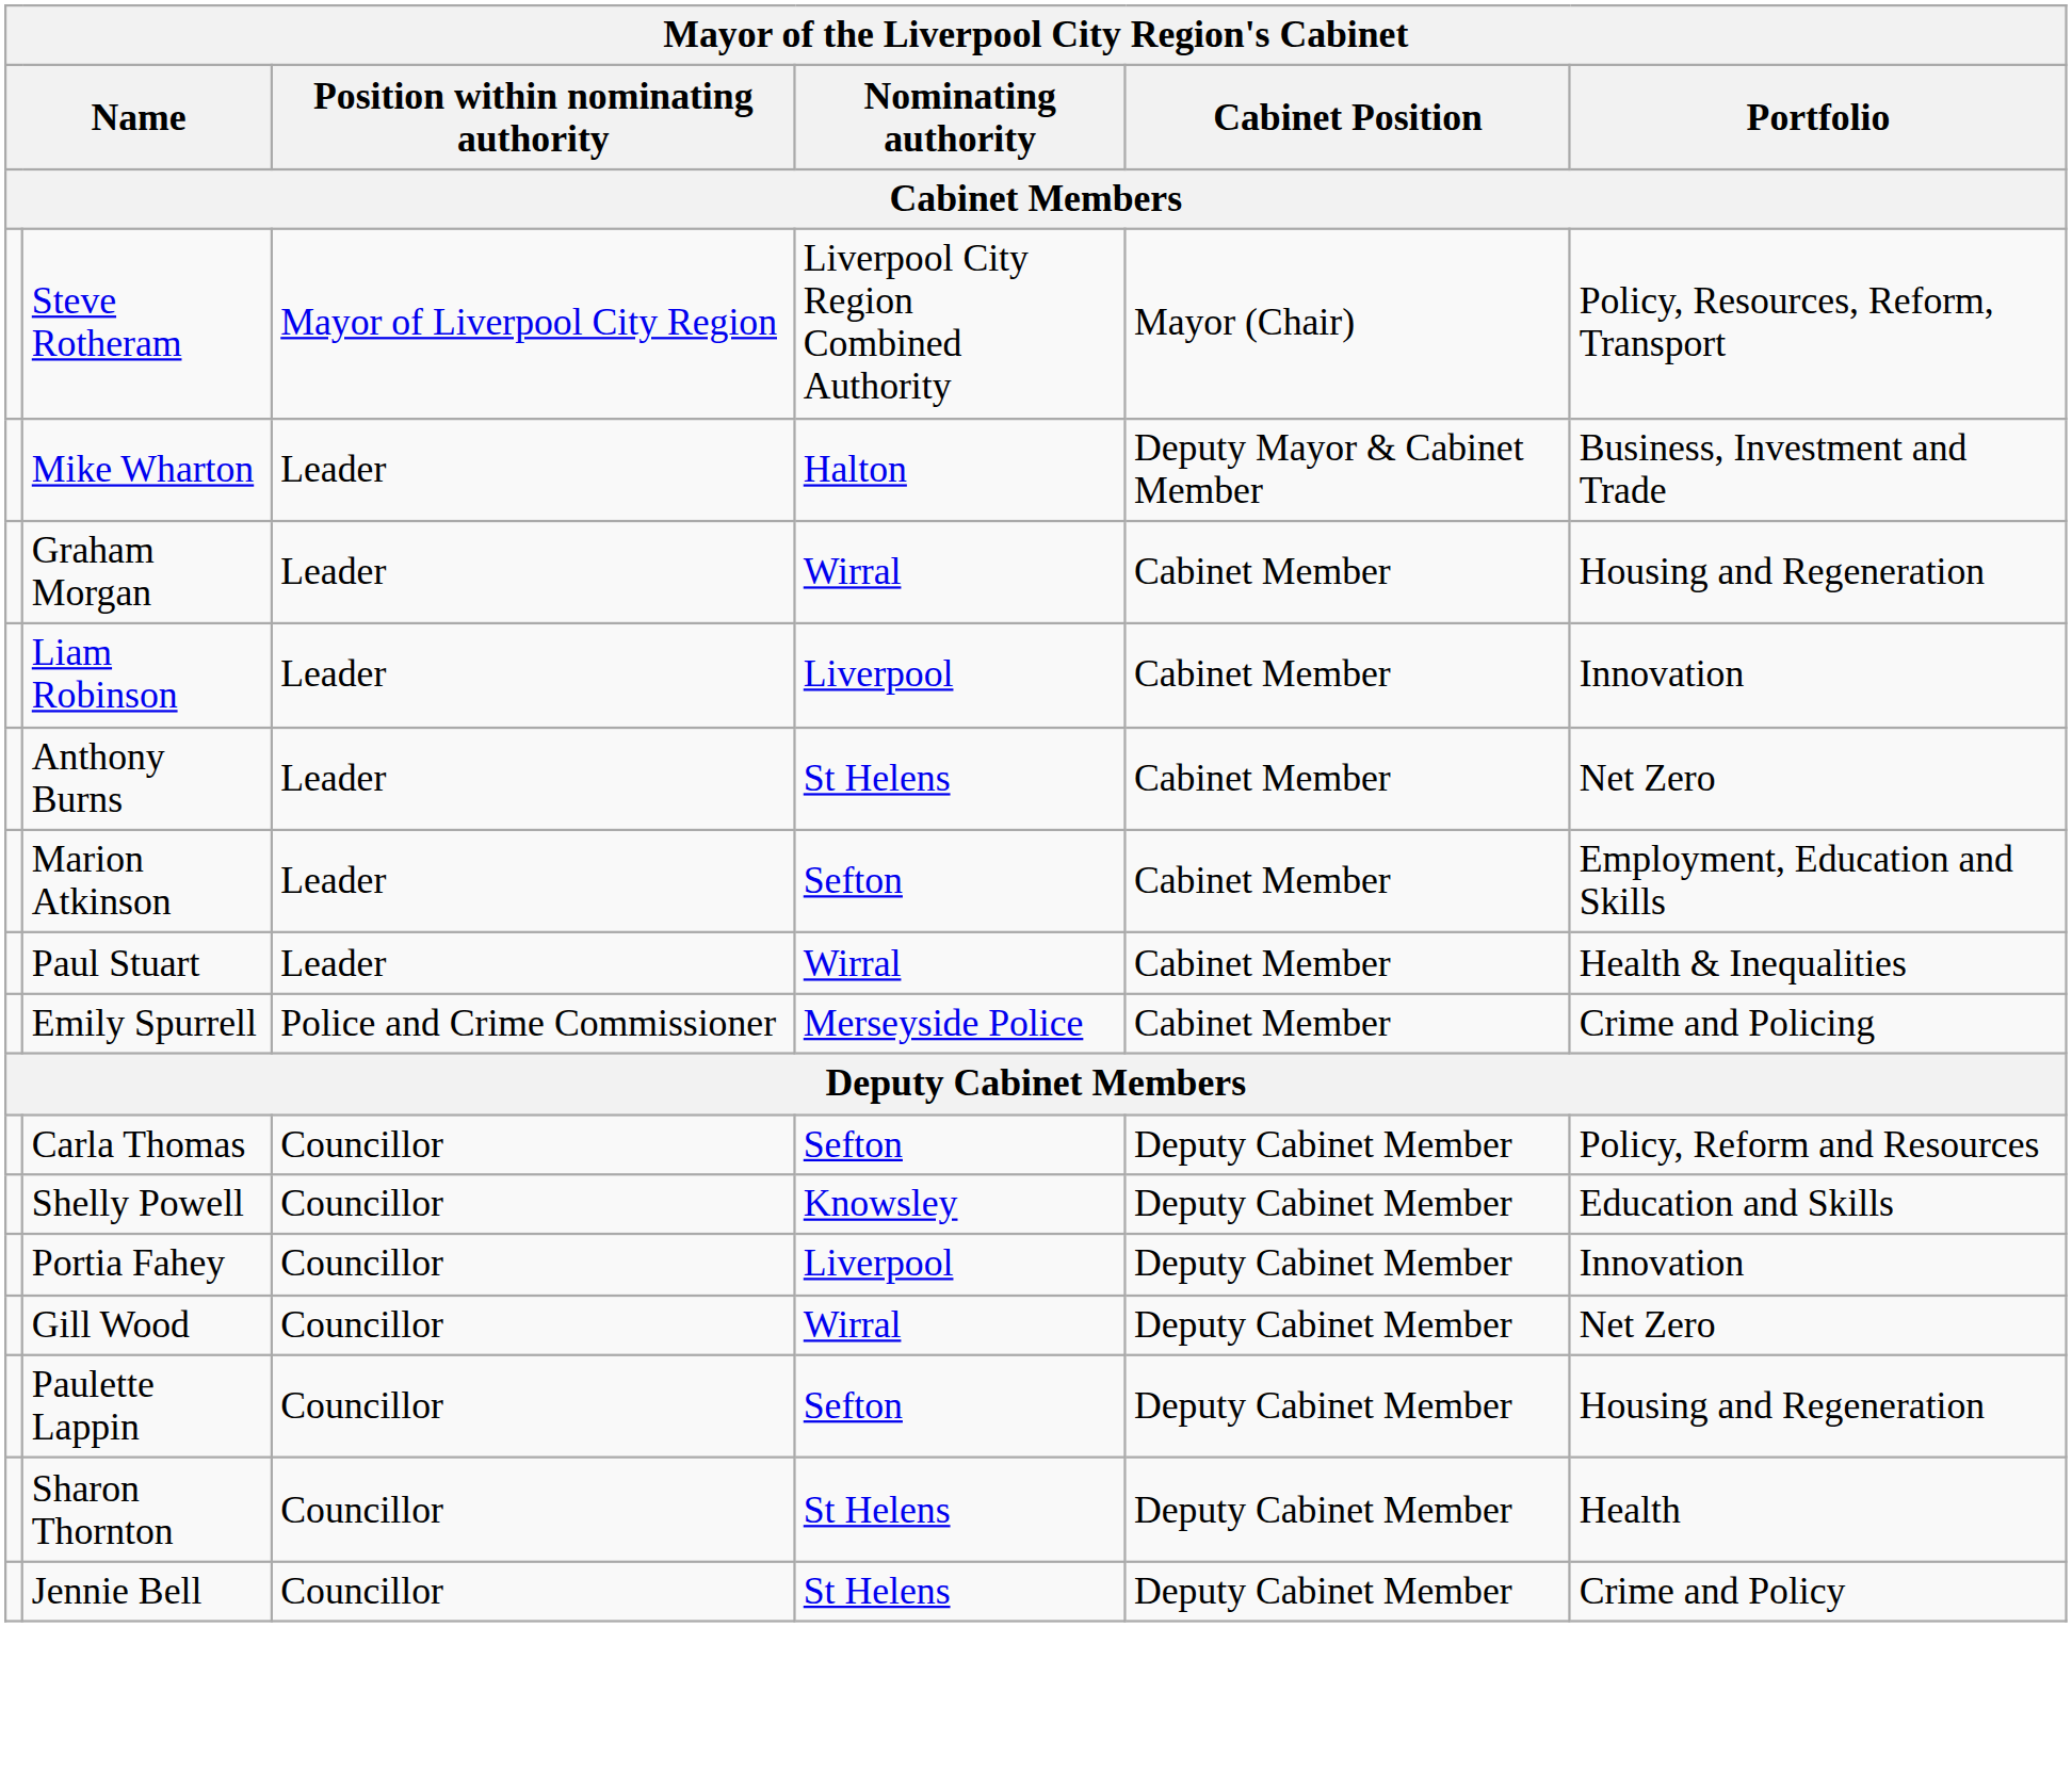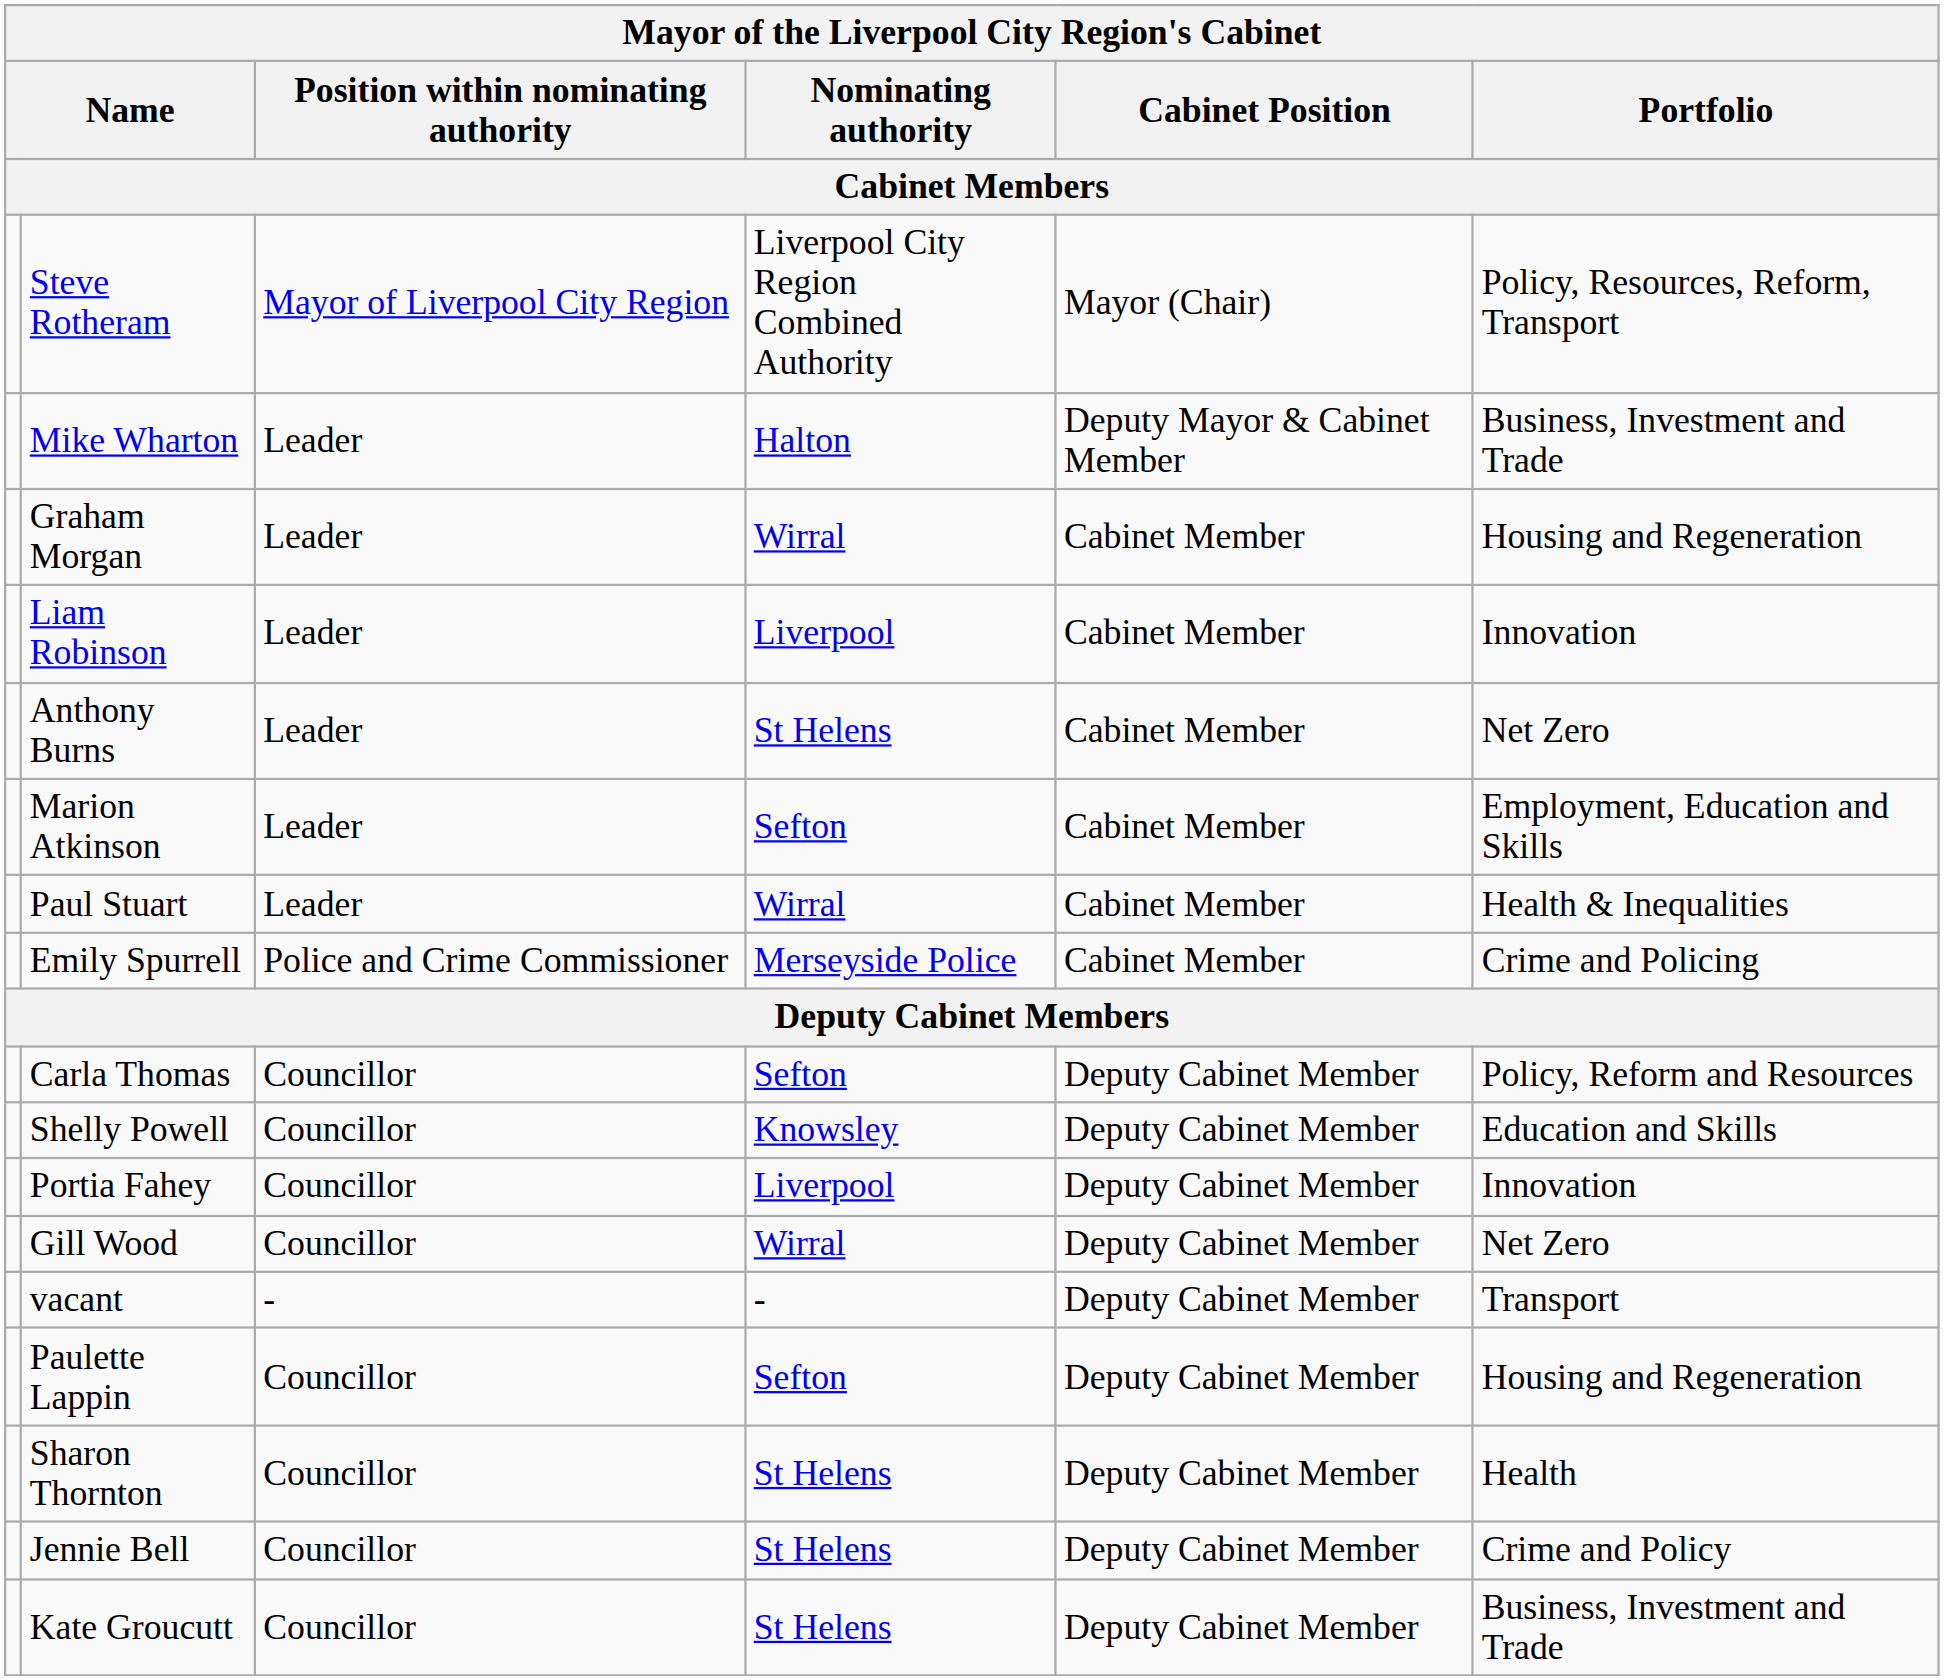 <table class="wikitable sortable">
 <tr>
 <th colspan="6">Mayor of the Liverpool City Region's Cabinet</th>
 </tr>
 <tr>
 <th colspan="2">Name</th>
 <th>Position within nominating authority</th>
 <th>Nominating authority</th>
 <th>Cabinet Position</th>
 <th>Portfolio</th>
 </tr>
 <tr>
 <th colspan="6">Cabinet Members</th>
 </tr>
 <tr>
 <td style="background:"></td>
 <td><a href='#'>Steve Rotheram</a></td>
 <td><a href='#'>Mayor of Liverpool City Region</a></td>
 <td>Liverpool City Region<br>Combined Authority</td>
 <td>Mayor (Chair)</td>
 <td>Policy, Resources, Reform, Transport</td>
 </tr>
 <tr>
 <td style="background:"></td>
 <td><a href='#'>Mike Wharton</a></td>
 <td>Leader</td>
 <td><a href='#'>Halton</a></td>
 <td>Deputy Mayor & Cabinet Member</td>
 <td>Business, Investment and Trade</td>
 </tr>
 <tr>
 <td style="background:"></td>
 <td>Graham Morgan</td>
 <td>Leader</td>
 <td><a href='#'>Wirral</a></td>
 <td>Cabinet Member</td>
 <td>Housing and Regeneration</td>
 </tr>
 <tr>
 <td style="background:"></td>
 <td><a href='#'>Liam Robinson</a></td>
 <td>Leader</td>
 <td><a href='#'>Liverpool</a></td>
 <td>Cabinet Member</td>
 <td>Innovation</td>
 </tr>
 <tr>
 <td style="background:"></td>
 <td>Anthony Burns</td>
 <td>Leader</td>
 <td><a href='#'>St Helens</a></td>
 <td>Cabinet Member</td>
 <td>Net Zero</td>
 </tr>
 <tr>
 <td style="background:"></td>
 <td>Marion Atkinson</td>
 <td>Leader</td>
 <td><a href='#'>Sefton</a></td>
 <td>Cabinet Member</td>
 <td>Employment, Education and Skills</td>
 </tr>
 <tr>
 <td style="background:"></td>
 <td>Paul Stuart</td>
 <td>Leader</td>
 <td><a href='#'>Wirral</a></td>
 <td>Cabinet Member</td>
 <td>Health & Inequalities</td>
 </tr>
 <tr>
 <td style="background:"></td>
 <td>Emily Spurrell</td>
 <td>Police and Crime Commissioner</td>
 <td><a href='#'>Merseyside Police</a></td>
 <td>Cabinet Member</td>
 <td>Crime and Policing</td>
 </tr>
 <tr>
 <th colspan="6">Deputy Cabinet Members</th>
 </tr>
 <tr>
 <td style="background:"></td>
 <td>Carla Thomas</td>
 <td>Councillor</td>
 <td><a href='#'>Sefton</a></td>
 <td>Deputy Cabinet Member</td>
 <td>Policy, Reform and Resources</td>
 </tr>
 <tr>
 <td style="background:"></td>
 <td>Shelly Powell</td>
 <td>Councillor</td>
 <td><a href='#'>Knowsley</a></td>
 <td>Deputy Cabinet Member</td>
 <td>Education and Skills</td>
 </tr>
 <tr>
 <td style="background:"></td>
 <td>Portia Fahey</td>
 <td>Councillor</td>
 <td><a href='#'>Liverpool</a></td>
 <td>Deputy Cabinet Member</td>
 <td>Innovation</td>
 </tr>
 <tr>
 <td style="background:"></td>
 <td>Gill Wood</td>
 <td>Councillor</td>
 <td><a href='#'>Wirral</a></td>
 <td>Deputy Cabinet Member</td>
 <td>Net Zero</td>
 </tr>
 <tr>
 <td style="background:"></td>
+<td>vacant</td>
+<td>-</td>
+<td>-</td>
+<td>Deputy Cabinet Member</td>
+<td>Transport</td>
+</tr>
+<tr>
+<td style="background:"></td>
 <td>Paulette Lappin</td>
 <td>Councillor</td>
 <td><a href='#'>Sefton</a></td>
 <td>Deputy Cabinet Member</td>
 <td>Housing and Regeneration</td>
 </tr>
 <tr>
 <td style="background:"></td>
 <td>Sharon Thornton</td>
 <td>Councillor</td>
 <td><a href='#'>St Helens</a></td>
 <td>Deputy Cabinet Member</td>
 <td>Health</td>
 </tr>
 <tr>
 <td style="background:"></td>
 <td>Jennie Bell</td>
 <td>Councillor</td>
 <td><a href='#'>St Helens</a></td>
 <td>Deputy Cabinet Member</td>
 <td>Crime and Policy</td>
 </tr>
+<tr>
+<td style="background:"></td>
+<td>Kate Groucutt</td>
+<td>Councillor</td>
+<td><a href='#'>St Helens</a></td>
+<td>Deputy Cabinet Member</td>
+<td>Business, Investment and Trade</td>
+</tr>
 </table>
